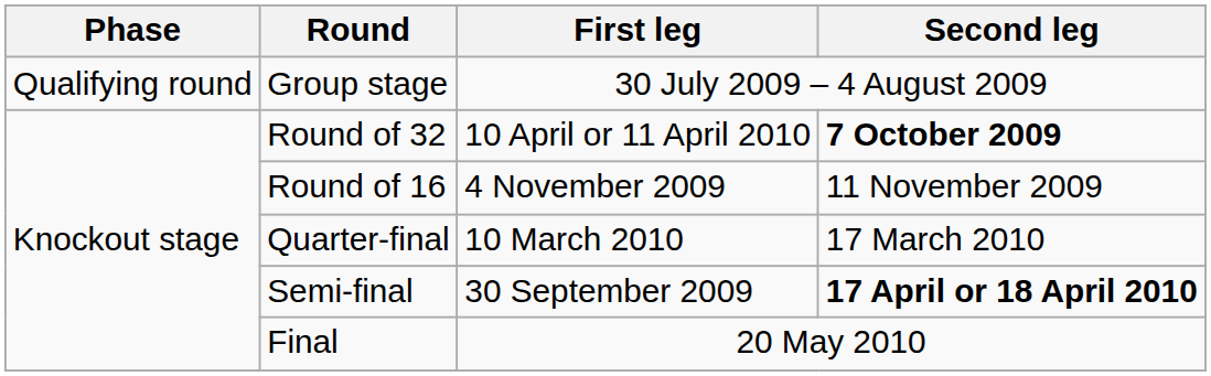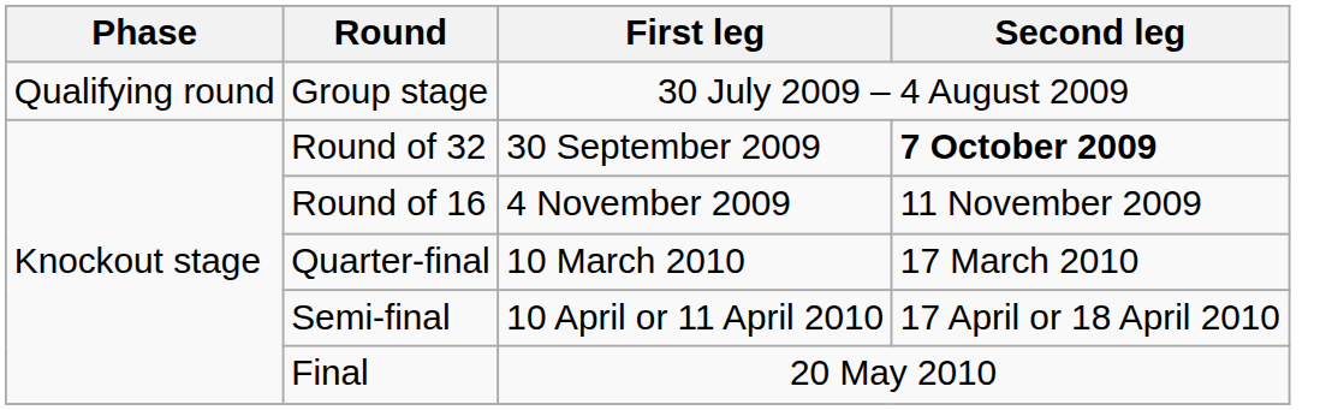 <table class="wikitable" border="1">
 <tr>
 <th>Phase</th>
 <th>Round</th>
 <th>First leg</th>
 <th>Second leg</th>
 </tr>
 <tr align="left">
 <td>Qualifying round</td>
 <td>Group stage</td>
 <td colspan="2" align="center">30 July 2009 – 4 August 2009</td>
 </tr>
 <tr align="left">
 <td rowspan="5">Knockout stage</td>
 <td>Round of 32</td>
-<td>10 April or 11 April 2010</td>
+<td>30 September 2009</td>
 <td><strong>7 October 2009</strong></td>
 </tr>
 <tr align="left">
 <td>Round of 16</td>
 <td>4 November 2009</td>
 <td>11 November 2009</td>
 </tr>
 <tr align="left">
 <td>Quarter-final</td>
 <td>10 March 2010</td>
 <td>17 March 2010</td>
 </tr>
 <tr align="left">
 <td>Semi-final</td>
-<td>30 September 2009</td>
-<td><strong>17 April or 18 April 2010</strong></td>
+<td>10 April or 11 April 2010</td>
+<td>17 April or 18 April 2010</td>
 </tr>
 <tr align="left">
 <td>Final</td>
 <td colspan="2" align="center">20 May 2010</td>
 </tr>
 </table>
